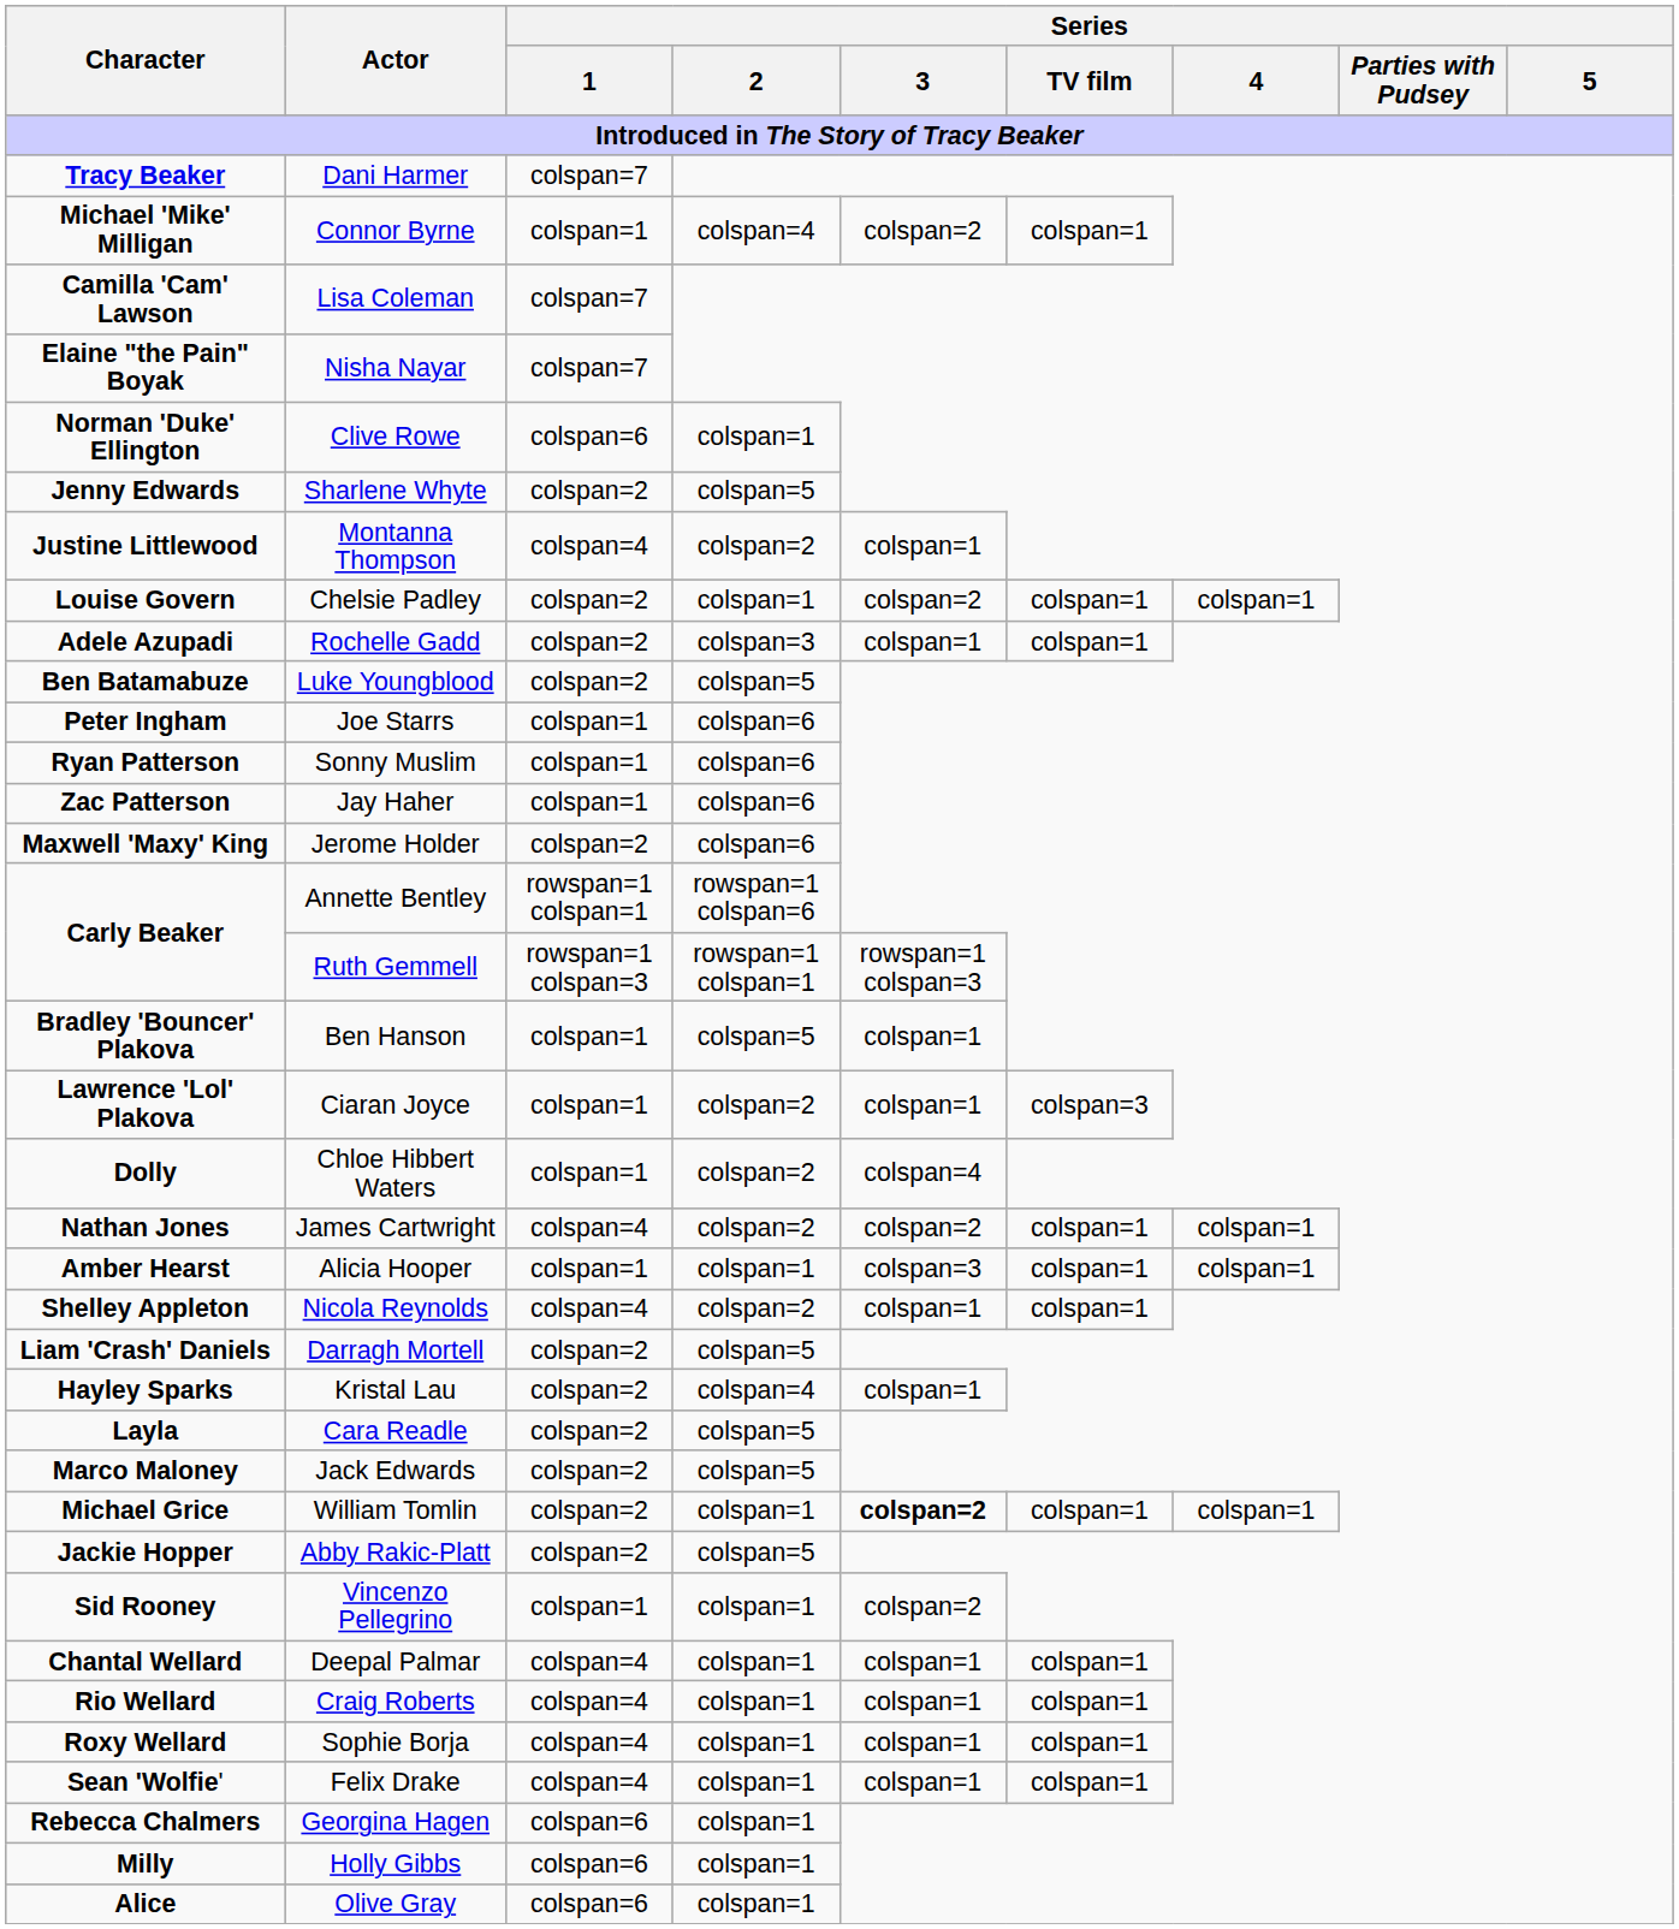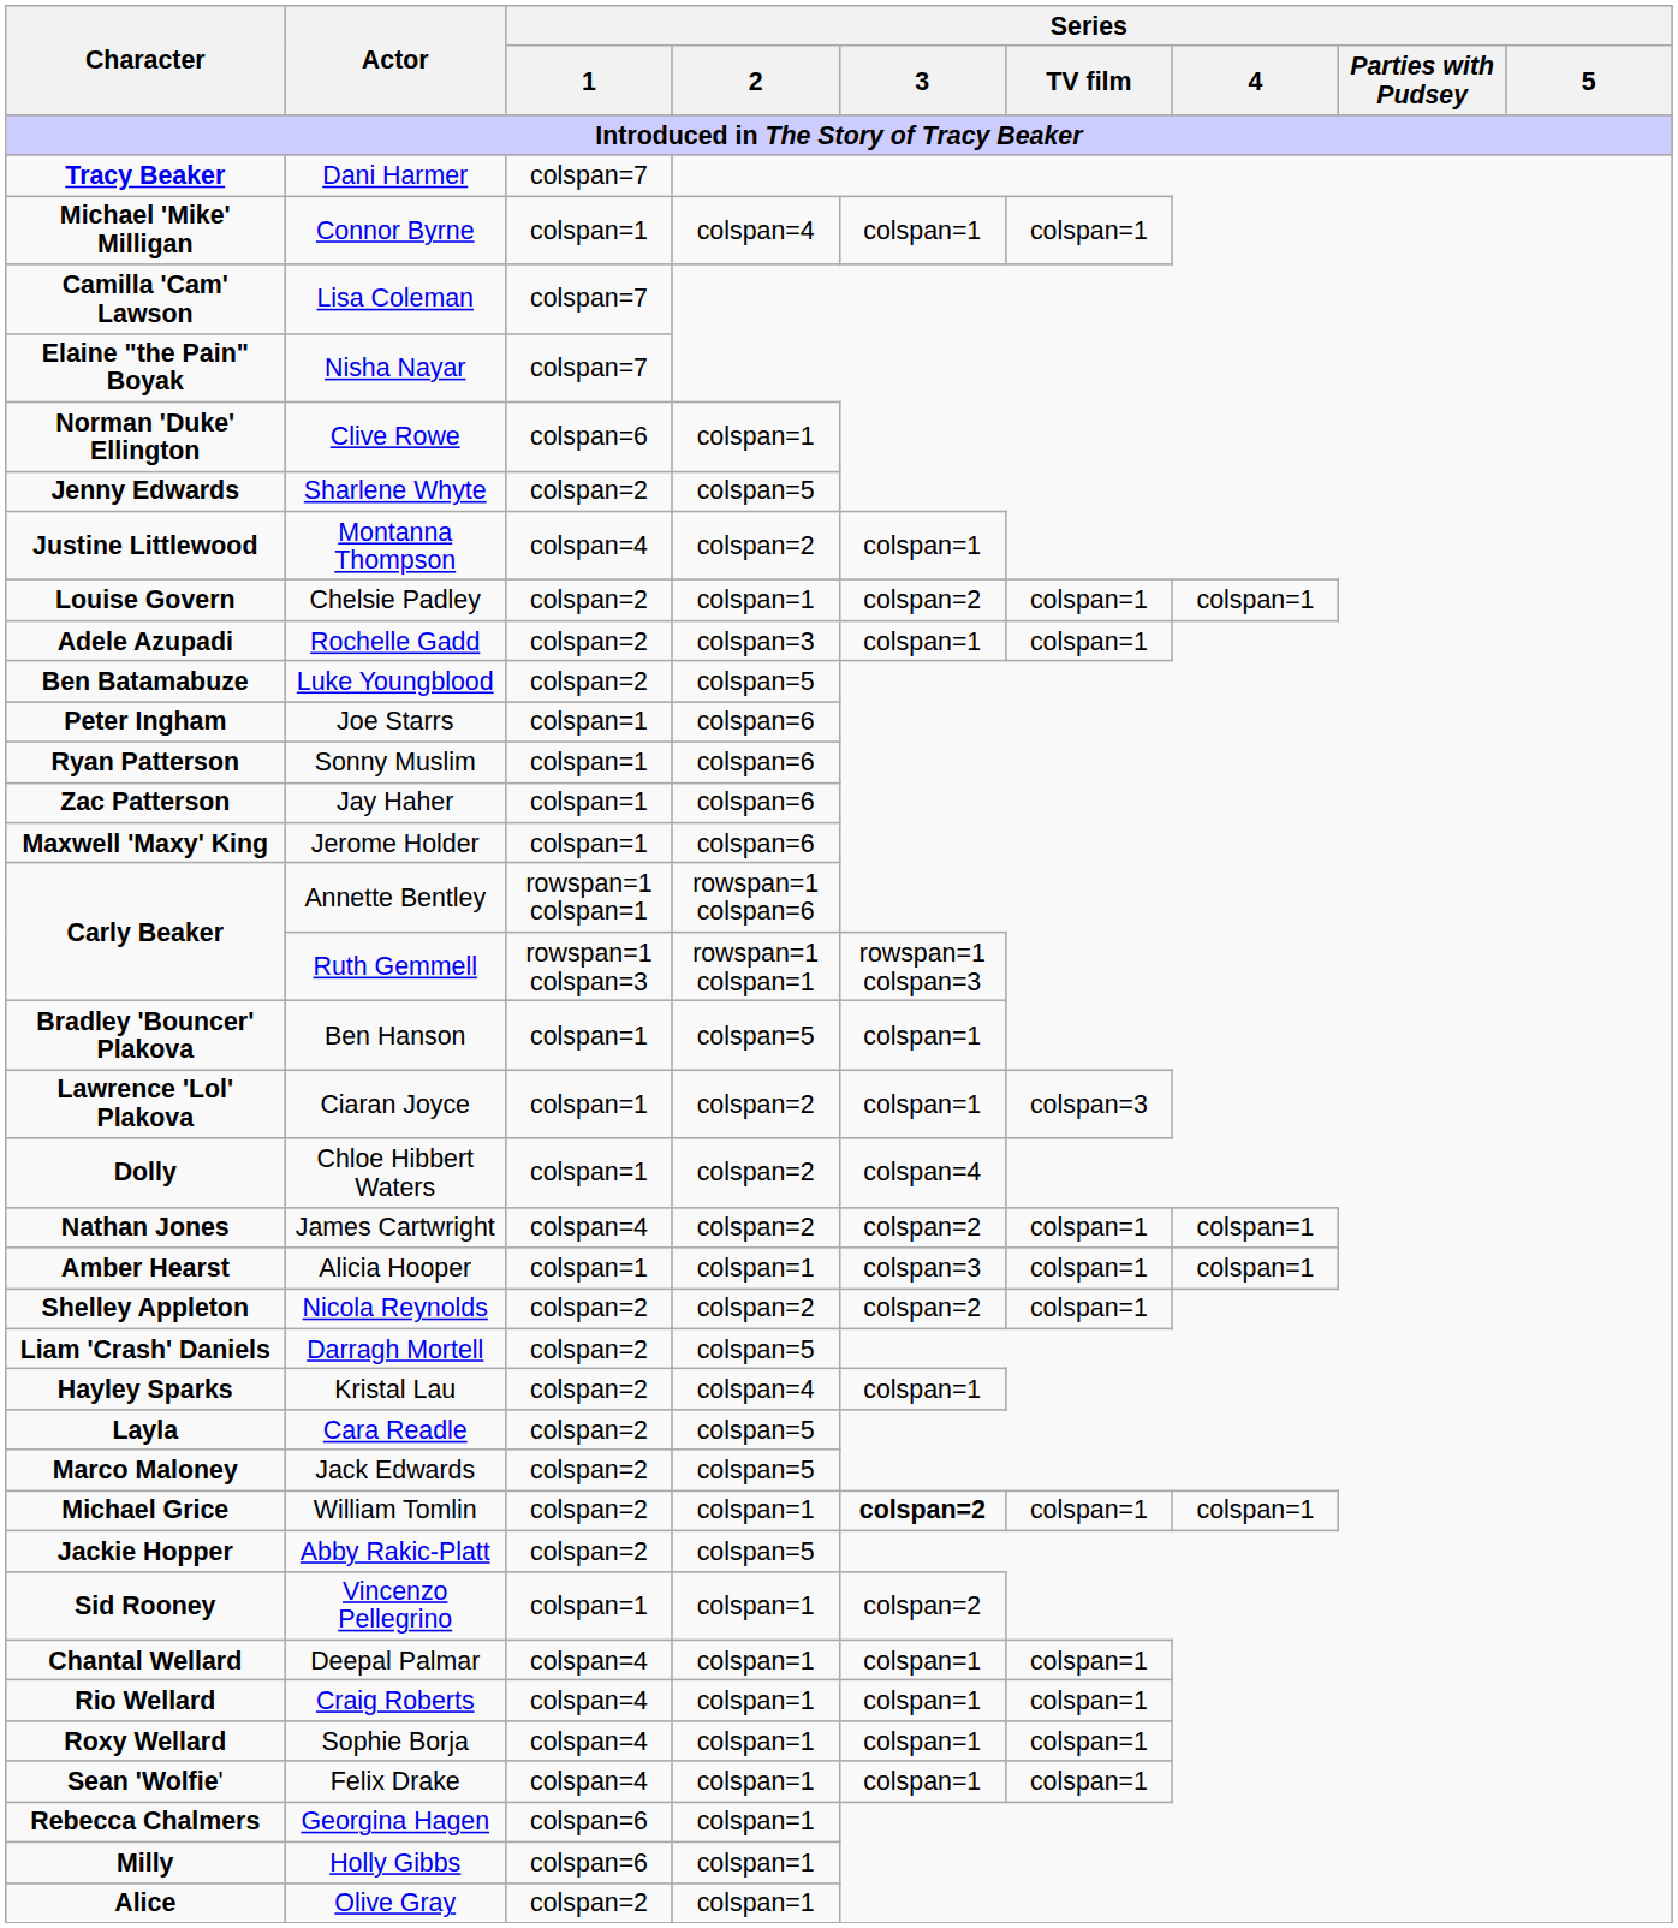 <table class="wikitable" style="text-align:center; width:100%; font-size:85%">
 <tr>
 <th rowspan="2">Character</th>
 <th rowspan="2">Actor</th>
 <th colspan="7">Series</th>
 </tr>
 <tr>
 <th width=10%>1</th>
 <th width=10%>2</th>
 <th width=10%>3</th>
 <th width=10%>TV film</th>
 <th width=10%>4</th>
 <th width=10%><em>Parties with Pudsey</em></th>
 <th width=10%>5</th>
 </tr>
 <tr>
 <th scope="col" colspan="9" style="background-color:#ccccff;">Introduced in <em>The Story of Tracy Beaker</em></th>
 </tr>
 <tr>
 <td><strong><a href='#'>Tracy Beaker</a></strong></td>
 <td><a href='#'>Dani Harmer</a></td>
 <td>colspan=7 </td>
 </tr>
 <tr>
 <td><strong>Michael 'Mike' Milligan</strong></td>
 <td><a href='#'>Connor Byrne</a></td>
 <td>colspan=1 </td>
 <td>colspan=4 </td>
-<td>colspan=2 </td>
+<td>colspan=1 </td>
 <td>colspan=1 </td>
 </tr>
 <tr>
 <td><strong>Camilla 'Cam' Lawson</strong></td>
 <td><a href='#'>Lisa Coleman</a></td>
 <td>colspan=7 </td>
 </tr>
 <tr>
 <td><strong>Elaine "the Pain" Boyak</strong></td>
 <td><a href='#'>Nisha Nayar</a></td>
 <td>colspan=7 </td>
 </tr>
 <tr>
 <td><strong>Norman 'Duke' Ellington</strong></td>
 <td><a href='#'>Clive Rowe</a></td>
 <td>colspan=6 </td>
 <td>colspan=1 </td>
 </tr>
 <tr>
 <td><strong>Jenny Edwards</strong></td>
 <td><a href='#'>Sharlene Whyte</a></td>
 <td>colspan=2 </td>
 <td>colspan=5 </td>
 </tr>
 <tr>
 <td><strong>Justine Littlewood</strong></td>
 <td><a href='#'>Montanna Thompson</a></td>
 <td>colspan=4 </td>
 <td>colspan=2 </td>
 <td>colspan=1 </td>
 </tr>
 <tr>
 <td><strong>Louise Govern</strong></td>
 <td>Chelsie Padley</td>
 <td>colspan=2 </td>
 <td>colspan=1 </td>
 <td>colspan=2 </td>
 <td>colspan=1 </td>
 <td>colspan=1 </td>
 </tr>
 <tr>
 <td><strong>Adele Azupadi</strong></td>
 <td><a href='#'>Rochelle Gadd</a></td>
 <td>colspan=2 </td>
 <td>colspan=3 </td>
 <td>colspan=1 </td>
 <td>colspan=1 </td>
 </tr>
 <tr>
 <td><strong>Ben Batamabuze</strong></td>
 <td><a href='#'>Luke Youngblood</a></td>
 <td>colspan=2 </td>
 <td>colspan=5 </td>
 </tr>
 <tr>
 <td><strong>Peter Ingham</strong></td>
 <td>Joe Starrs</td>
 <td>colspan=1 </td>
 <td>colspan=6 </td>
 </tr>
 <tr>
 <td><strong>Ryan Patterson</strong></td>
 <td>Sonny Muslim</td>
 <td>colspan=1 </td>
 <td>colspan=6 </td>
 </tr>
 <tr>
 <td><strong>Zac Patterson</strong></td>
 <td>Jay Haher</td>
 <td>colspan=1 </td>
 <td>colspan=6 </td>
 </tr>
 <tr>
 <td><strong>Maxwell 'Maxy' King</strong></td>
 <td>Jerome Holder</td>
-<td>colspan=2 </td>
+<td>colspan=1 </td>
 <td>colspan=6 </td>
 </tr>
 <tr>
 <td rowspan=2><strong>Carly Beaker</strong></td>
 <td>Annette Bentley</td>
 <td>rowspan=1 colspan=1 </td>
 <td>rowspan=1 colspan=6 </td>
 </tr>
 <tr>
 <td><a href='#'>Ruth Gemmell</a></td>
 <td>rowspan=1 colspan=3 </td>
 <td>rowspan=1 colspan=1 </td>
 <td>rowspan=1 colspan=3 </td>
 </tr>
 <tr>
 <td><strong>Bradley 'Bouncer' Plakova</strong></td>
 <td>Ben Hanson</td>
 <td>colspan=1 </td>
 <td>colspan=5 </td>
 <td>colspan=1 </td>
 </tr>
 <tr>
 <td><strong>Lawrence 'Lol' Plakova</strong></td>
 <td>Ciaran Joyce</td>
 <td>colspan=1 </td>
 <td>colspan=2 </td>
 <td>colspan=1 </td>
 <td>colspan=3 </td>
 </tr>
 <tr>
 <td><strong>Dolly</strong></td>
 <td>Chloe Hibbert Waters</td>
 <td>colspan=1 </td>
 <td>colspan=2 </td>
 <td>colspan=4 </td>
 </tr>
 <tr>
 <td><strong>Nathan Jones</strong></td>
 <td>James Cartwright</td>
 <td>colspan=4 </td>
 <td>colspan=2 </td>
 <td>colspan=2 </td>
 <td>colspan=1 </td>
 <td>colspan=1 </td>
 </tr>
 <tr>
 <td><strong>Amber Hearst</strong></td>
 <td>Alicia Hooper</td>
 <td>colspan=1 </td>
 <td>colspan=1 </td>
 <td>colspan=3 </td>
 <td>colspan=1 </td>
 <td>colspan=1 </td>
 </tr>
 <tr>
 <td><strong>Shelley Appleton</strong></td>
 <td><a href='#'>Nicola Reynolds</a></td>
-<td>colspan=4 </td>
 <td>colspan=2 </td>
-<td>colspan=1 </td>
+<td>colspan=2 </td>
+<td>colspan=2 </td>
 <td>colspan=1 </td>
 </tr>
 <tr>
 <td><strong>Liam 'Crash' Daniels</strong></td>
 <td><a href='#'>Darragh Mortell</a></td>
 <td>colspan=2 </td>
 <td>colspan=5 </td>
 </tr>
 <tr>
 <td><strong>Hayley Sparks</strong></td>
 <td>Kristal Lau</td>
 <td>colspan=2 </td>
 <td>colspan=4 </td>
 <td>colspan=1 </td>
 </tr>
 <tr>
 <td><strong>Layla</strong></td>
 <td><a href='#'>Cara Readle</a></td>
 <td>colspan=2 </td>
 <td>colspan=5 </td>
 </tr>
 <tr>
 <td><strong>Marco Maloney</strong></td>
 <td>Jack Edwards</td>
 <td>colspan=2 </td>
 <td>colspan=5 </td>
 </tr>
 <tr>
 <td><strong>Michael Grice</strong></td>
 <td>William Tomlin</td>
 <td>colspan=2 </td>
 <td>colspan=1 </td>
 <td><strong>colspan=2 </strong></td>
 <td>colspan=1 </td>
 <td>colspan=1 </td>
 </tr>
 <tr>
 <td><strong>Jackie Hopper</strong></td>
 <td><a href='#'>Abby Rakic-Platt</a></td>
 <td>colspan=2 </td>
 <td>colspan=5 </td>
 </tr>
 <tr>
 <td><strong>Sid Rooney</strong></td>
 <td><a href='#'>Vincenzo Pellegrino</a></td>
 <td>colspan=1 </td>
 <td>colspan=1 </td>
 <td>colspan=2 </td>
 </tr>
 <tr>
 <td><strong>Chantal Wellard</strong></td>
 <td>Deepal Palmar</td>
 <td>colspan=4 </td>
 <td>colspan=1 </td>
 <td>colspan=1 </td>
 <td>colspan=1 </td>
 </tr>
 <tr>
 <td><strong>Rio Wellard</strong></td>
 <td><a href='#'>Craig Roberts</a></td>
 <td>colspan=4 </td>
 <td>colspan=1 </td>
 <td>colspan=1 </td>
 <td>colspan=1 </td>
 </tr>
 <tr>
 <td><strong>Roxy Wellard</strong></td>
 <td>Sophie Borja</td>
 <td>colspan=4 </td>
 <td>colspan=1 </td>
 <td>colspan=1 </td>
 <td>colspan=1 </td>
 </tr>
 <tr>
 <td><strong>Sean 'Wolfie</strong>'</td>
 <td>Felix Drake </td>
 <td>colspan=4 </td>
 <td>colspan=1 </td>
 <td>colspan=1 </td>
 <td>colspan=1 </td>
 </tr>
 <tr>
 <td><strong>Rebecca Chalmers</strong></td>
 <td><a href='#'>Georgina Hagen</a></td>
 <td>colspan=6 </td>
 <td>colspan=1 </td>
 </tr>
 <tr>
 <td><strong>Milly</strong></td>
 <td><a href='#'>Holly Gibbs</a></td>
 <td>colspan=6 </td>
 <td>colspan=1 </td>
 </tr>
 <tr>
 <td><strong>Alice</strong></td>
 <td><a href='#'>Olive Gray</a></td>
-<td>colspan=6 </td>
+<td>colspan=2 </td>
 <td>colspan=1 </td>
 </tr>
 <tr>
 </tr>
 </table>
